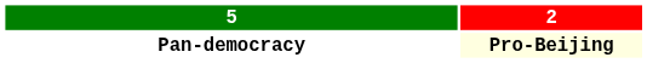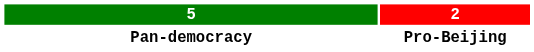 <table style="width:50%; text-align:center;">
 <tr style="color:white;">
 <td style="background:green; width:71.4%;"><strong>5</strong></td>
 <td style="background:red; width:38.6%;"><strong>2</strong></td>
 </tr>
 <tr>
 <td><span><strong>Pan-democracy</strong></span></td>
-<td style="background: lightyellow;"><span><strong>Pro-Beijing</strong></span></td>
+<td><span><strong>Pro-Beijing</strong></span></td>
 </tr>
 </table>
